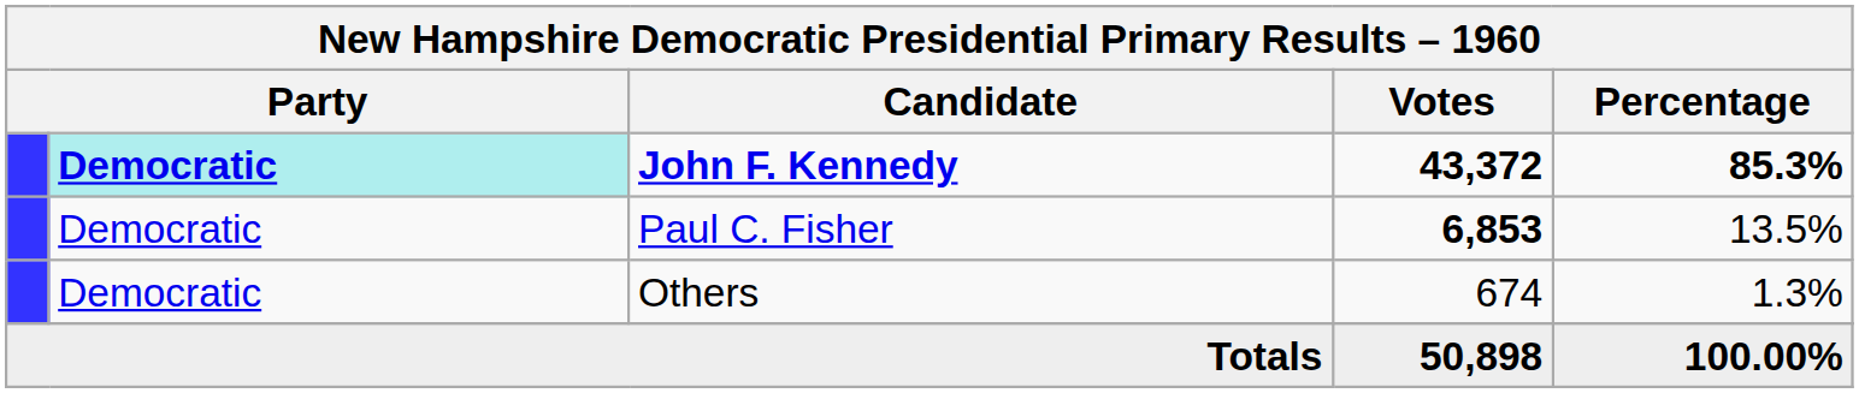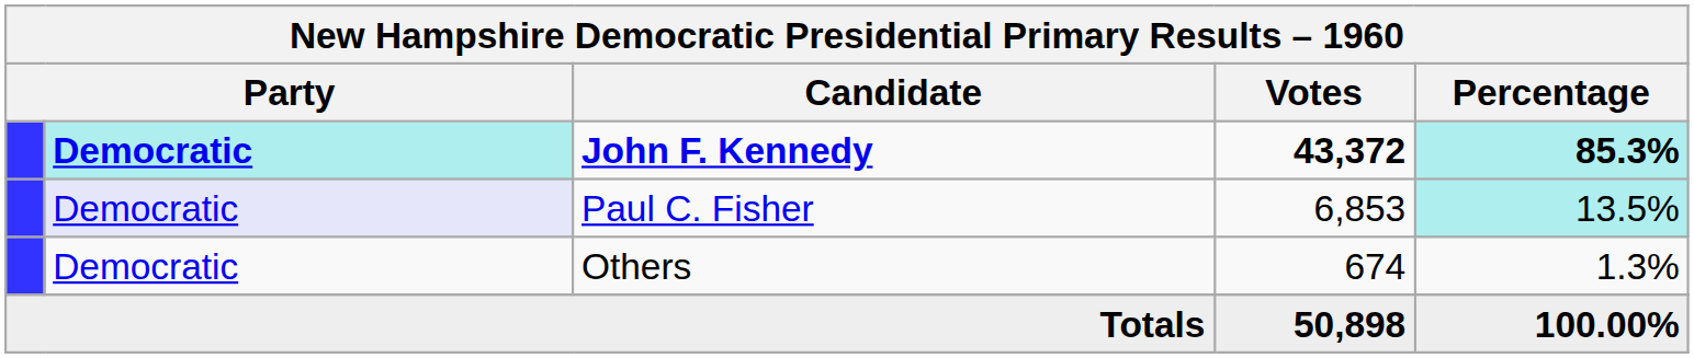 <table class="wikitable" style="font-size: 95%;">
 <tr>
 <th colspan="7">New Hampshire Democratic Presidential Primary Results – 1960</th>
 </tr>
 <tr>
 <th colspan="2" style="width: 15em">Party</th>
 <th style="width: 17em">Candidate</th>
 <th style="width: 5em">Votes</th>
 <th style="width: 7em">Percentage</th>
 </tr>
 <tr>
 <th style="background-color:#3333FF; width: 3px"></th>
 <td style="background: paleturquoise; width: 130px"><strong><a href='#'>Democratic</a></strong></td>
 <td><strong><a href='#'>John F. Kennedy</a></strong></td>
 <td align="right"><strong>43,372</strong></td>
-<td align="right"><strong>85.3%</strong></td>
+<td align="right" style="background: paleturquoise;"><strong>85.3%</strong></td>
 </tr>
 <tr>
 <th style="background-color:#3333FF; width: 3px"></th>
-<td style="width: 130px"><a href='#'>Democratic</a></td>
+<td style="background: lavender; width: 130px"><a href='#'>Democratic</a></td>
 <td><a href='#'>Paul C. Fisher</a></td>
-<td align="right"><strong>6,853</strong></td>
-<td align="right">13.5%</td>
+<td align="right">6,853</td>
+<td align="right" style="background: paleturquoise;">13.5%</td>
 </tr>
 <tr>
 <th style="background-color:#3333FF; width: 3px"></th>
 <td style="width: 130px"><a href='#'>Democratic</a></td>
 <td>Others</td>
 <td align="right">674</td>
 <td align="right">1.3%</td>
 </tr>
 <tr>
 </tr>
 <tr bgcolor="#EEEEEE">
 <td colspan="3" align="right"><strong>Totals</strong></td>
 <td align="right"><strong>50,898</strong></td>
 <td align="right"><strong>100.00%</strong></td>
 </tr>
 </table>
